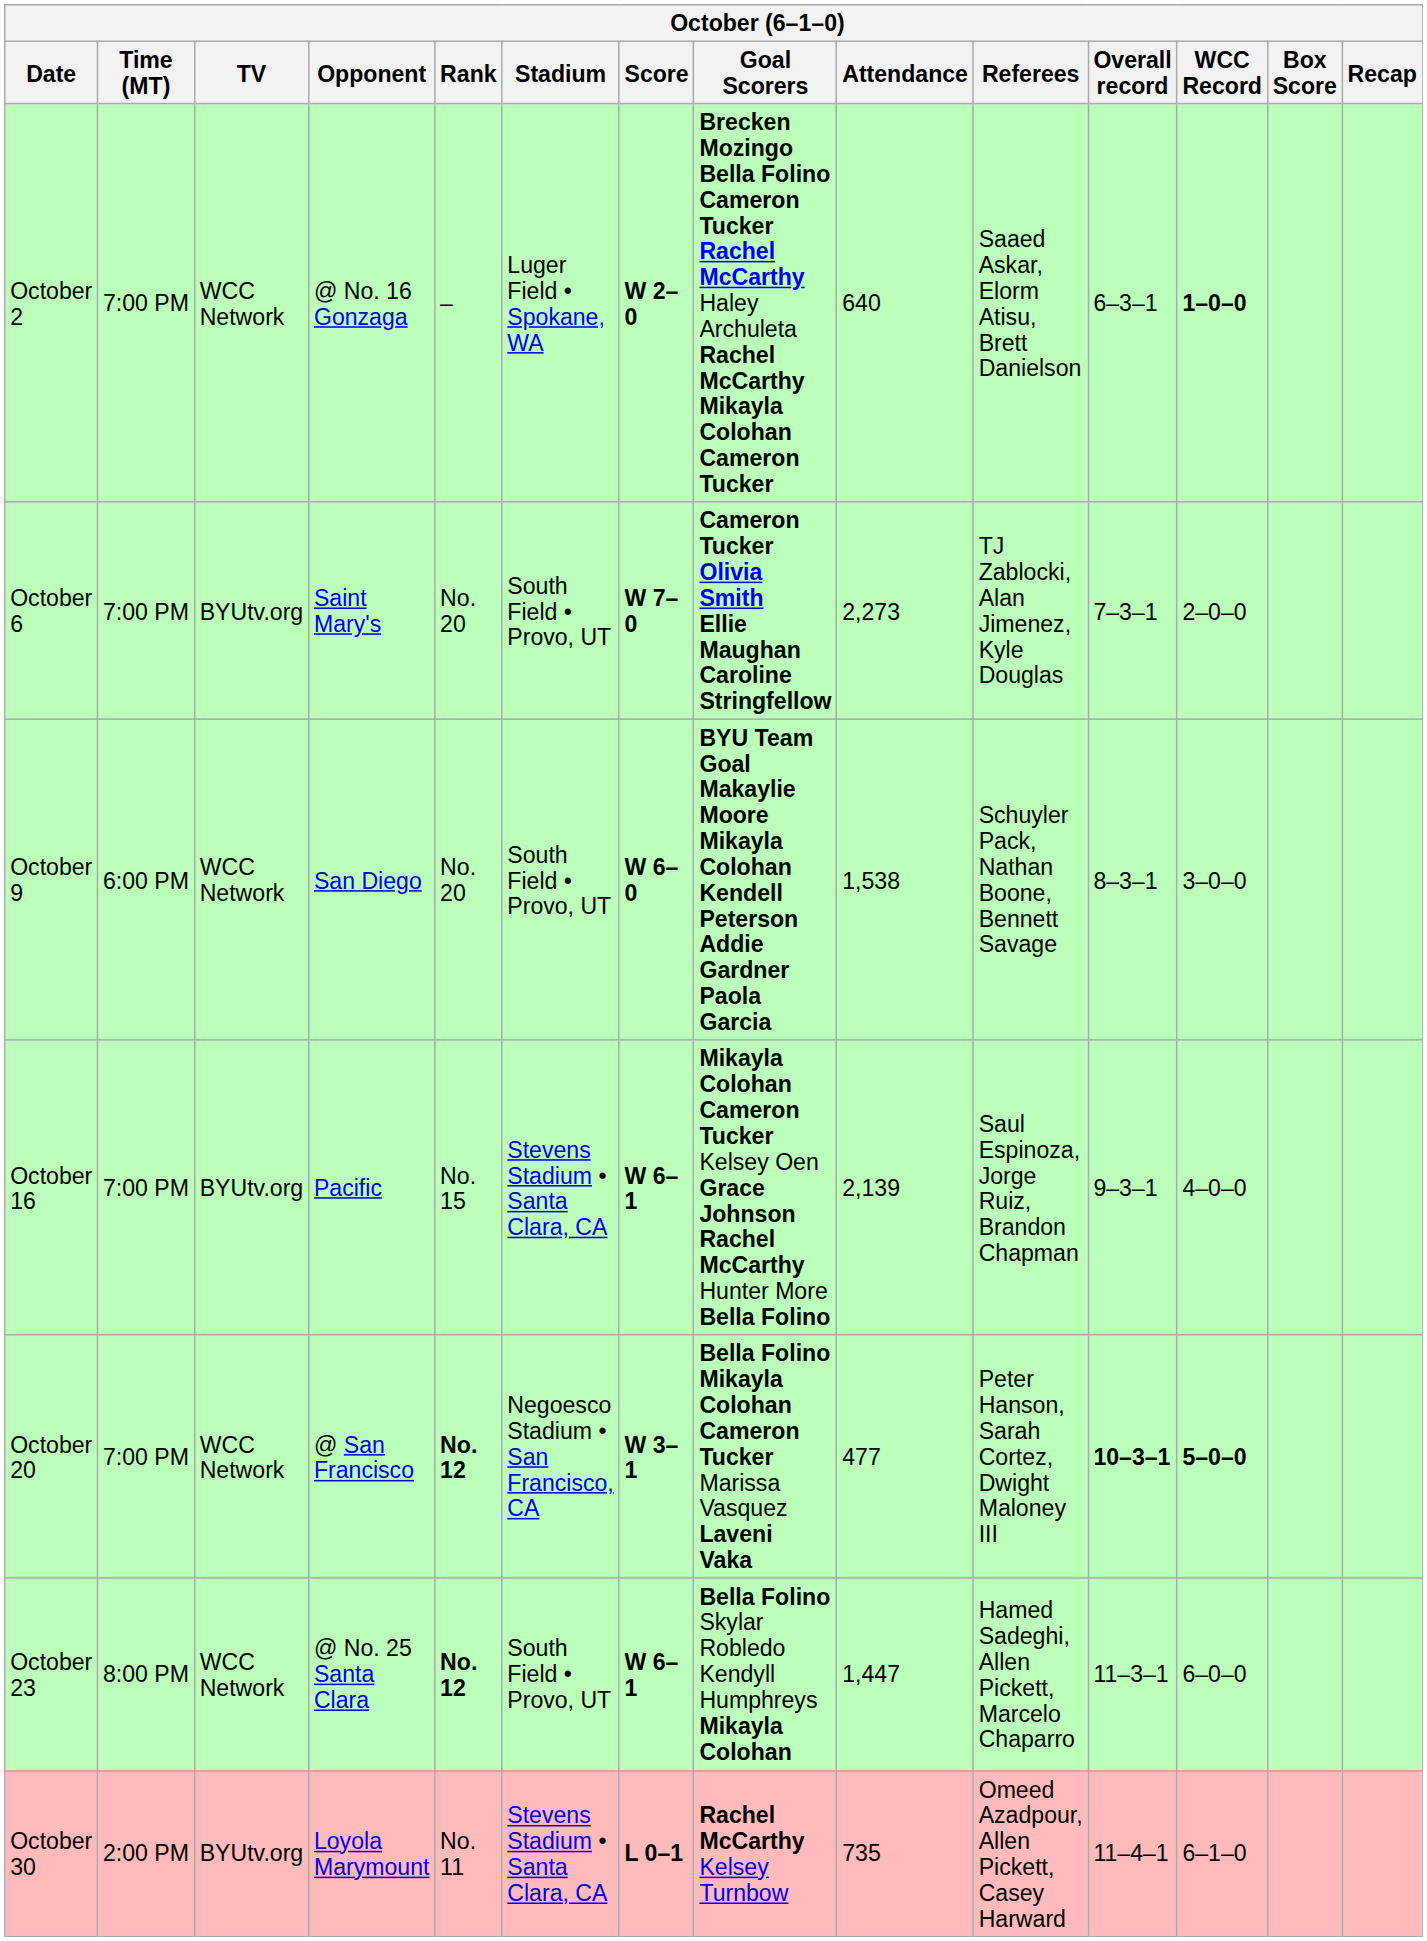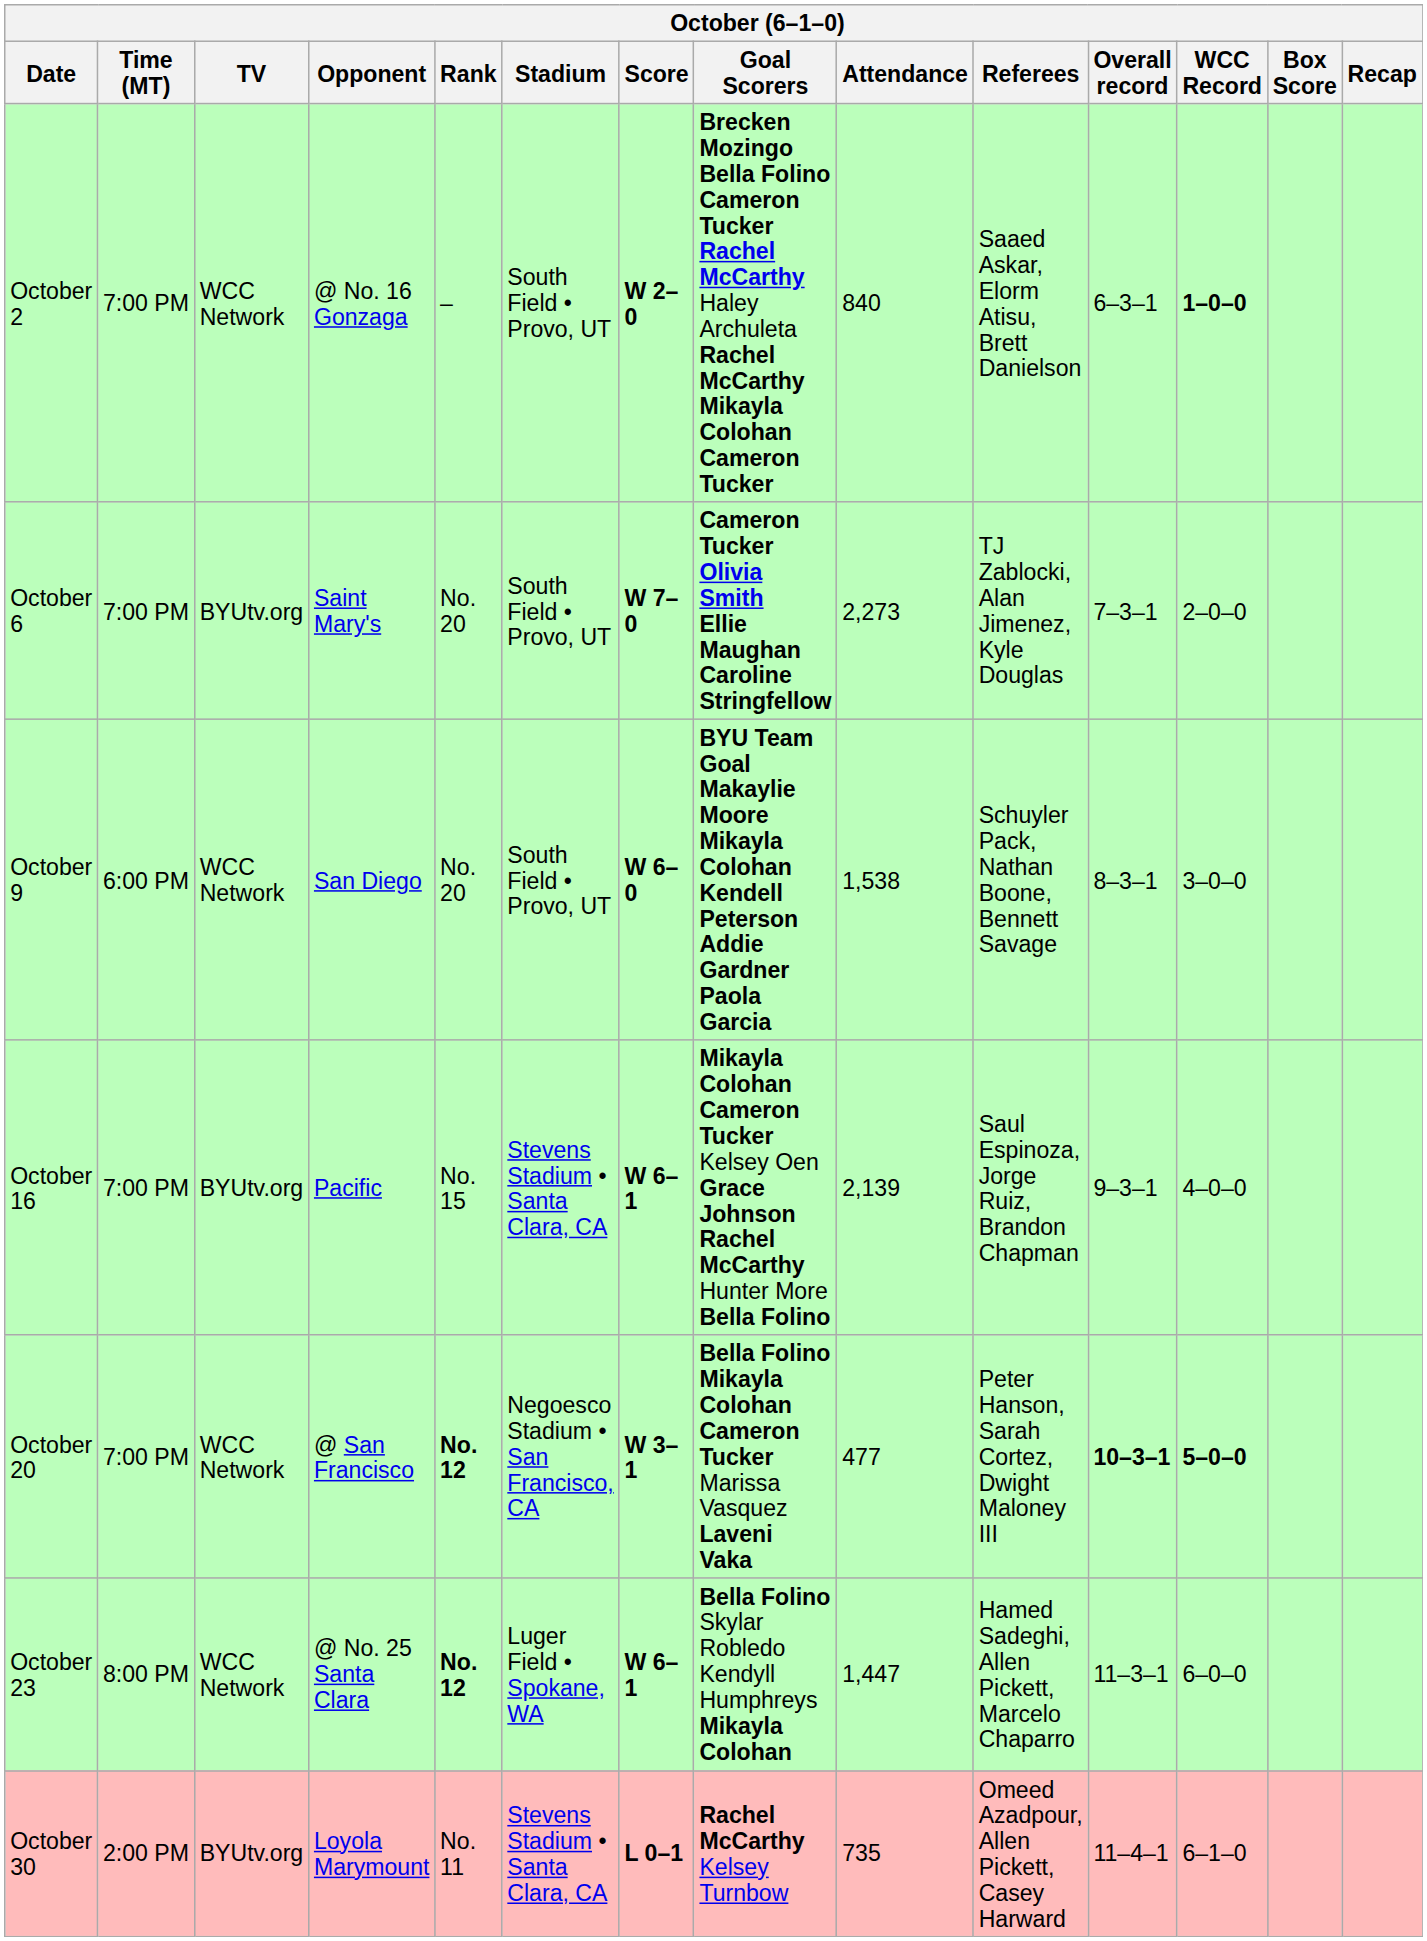 <table class="wikitable collapsible collapsed" style="margin:auto; font-size:95%; width:100%">
 <tr>
 <th colspan=14 style="padding-left:4em;">October (6–1–0)</th>
 </tr>
 <tr>
 <th>Date</th>
 <th>Time (MT)</th>
 <th>TV</th>
 <th>Opponent</th>
 <th>Rank</th>
 <th>Stadium</th>
 <th>Score</th>
 <th>Goal Scorers</th>
 <th>Attendance</th>
 <th>Referees</th>
 <th>Overall record</th>
 <th>WCC Record</th>
 <th>Box Score</th>
 <th>Recap</th>
 </tr>
 <tr bgcolor=bbffbb>
 <td>October 2</td>
 <td>7:00 PM</td>
 <td>WCC Network</td>
 <td>@ No. 16 <a href='#'>Gonzaga</a></td>
 <td>–</td>
-<td>Luger Field • <a href='#'>Spokane, WA</a></td>
+<td>South Field • Provo, UT</td>
 <td><strong>W 2–0</strong></td>
 <td><strong>Brecken Mozingo</strong> <br><strong>Bella Folino</strong> <br> <strong>Cameron Tucker</strong>  <br> <strong><a href='#'>Rachel McCarthy</a></strong> <br> Haley Archuleta  <br> <strong>Rachel McCarthy</strong>  <br> <strong>Mikayla Colohan</strong>  <br> <strong>Cameron Tucker</strong> </td>
-<td>640</td>
+<td>840</td>
 <td>Saaed Askar, <br> Elorm Atisu, <br> Brett Danielson</td>
 <td>6–3–1</td>
 <td><strong>1–0–0</strong></td>
 <td></td>
 <td></td>
 </tr>
 <tr bgcolor=bbffbb>
 <td>October 6</td>
 <td>7:00 PM</td>
 <td>BYUtv.org</td>
 <td><a href='#'>Saint Mary's</a></td>
 <td>No. 20</td>
 <td>South Field • Provo, UT</td>
 <td><strong>W 7–0</strong></td>
 <td><strong>Cameron Tucker</strong> <br><strong><a href='#'>Olivia Smith</a></strong> <br> <strong>Ellie Maughan</strong>  <br> <strong>Caroline Stringfellow</strong> </td>
 <td>2,273</td>
 <td>TJ Zablocki, <br> Alan Jimenez, <br> Kyle Douglas</td>
 <td>7–3–1</td>
 <td>2–0–0</td>
 <td></td>
 <td></td>
 </tr>
 <tr bgcolor=bbffbb>
 <td>October 9</td>
 <td>6:00 PM</td>
 <td>WCC Network</td>
 <td><a href='#'>San Diego</a></td>
 <td>No. 20</td>
 <td>South Field • Provo, UT</td>
 <td><strong>W 6–0</strong></td>
 <td><strong>BYU Team Goal</strong> <br><strong>Makaylie Moore</strong> <br> <strong>Mikayla Colohan</strong>  <br> <strong>Kendell Peterson</strong> <br> <strong>Addie Gardner</strong>  <br> <strong>Paola Garcia</strong> </td>
 <td>1,538</td>
 <td>Schuyler Pack, <br> Nathan Boone, <br> Bennett Savage</td>
 <td>8–3–1</td>
 <td>3–0–0</td>
 <td></td>
 <td></td>
 </tr>
 <tr bgcolor=bbffbb>
 <td>October 16</td>
 <td>7:00 PM</td>
 <td>BYUtv.org</td>
 <td><a href='#'>Pacific</a></td>
 <td>No. 15</td>
 <td><a href='#'>Stevens Stadium</a> • <a href='#'>Santa Clara, CA</a></td>
 <td><strong>W 6–1</strong></td>
 <td><strong>Mikayla Colohan</strong>  <br> <strong>Cameron Tucker</strong>  <br> Kelsey Oen  <br> <strong>Grace Johnson</strong>  <br> <strong>Rachel McCarthy</strong>  <br> Hunter More  <br> <strong>Bella Folino</strong> </td>
 <td>2,139</td>
 <td>Saul Espinoza, <br> Jorge Ruiz, <br> Brandon Chapman</td>
 <td>9–3–1</td>
 <td>4–0–0</td>
 <td></td>
 <td></td>
 </tr>
 <tr bgcolor=bbffbb>
 <td>October 20</td>
 <td>7:00 PM</td>
 <td>WCC Network</td>
 <td>@ <a href='#'>San Francisco</a></td>
 <td><strong>No. 12</strong></td>
 <td>Negoesco Stadium • <a href='#'>San Francisco, CA</a></td>
 <td><strong>W 3–1</strong></td>
 <td><strong>Bella Folino</strong>  <br> <strong>Mikayla Colohan</strong>  <br> <strong>Cameron Tucker</strong>  <br> Marissa Vasquez  <br> <strong>Laveni Vaka</strong> </td>
 <td>477</td>
 <td>Peter Hanson, <br> Sarah Cortez, <br> Dwight Maloney III</td>
 <td><strong>10–3–1</strong></td>
 <td><strong>5–0–0</strong></td>
 <td></td>
 <td></td>
 </tr>
 <tr bgcolor=bbffbb>
 <td>October 23</td>
 <td>8:00 PM</td>
 <td>WCC Network</td>
 <td>@ No. 25 <a href='#'>Santa Clara</a></td>
 <td><strong>No. 12</strong></td>
-<td>South Field • Provo, UT</td>
+<td>Luger Field • <a href='#'>Spokane, WA</a></td>
 <td><strong>W 6–1</strong></td>
 <td><strong>Bella Folino</strong>  <br> Skylar Robledo  <br> Kendyll Humphreys  <br> <strong>Mikayla Colohan</strong> </td>
 <td>1,447</td>
 <td>Hamed Sadeghi, <br> Allen Pickett, <br> Marcelo Chaparro</td>
 <td>11–3–1</td>
 <td>6–0–0</td>
 <td></td>
 <td></td>
 </tr>
 <tr bgcolor=ffbbbb>
 <td>October 30</td>
 <td>2:00 PM</td>
 <td>BYUtv.org</td>
 <td><a href='#'>Loyola Marymount</a></td>
 <td>No. 11</td>
 <td><a href='#'>Stevens Stadium</a> • <a href='#'>Santa Clara, CA</a></td>
 <td><strong>L 0–1</strong></td>
 <td><strong>Rachel McCarthy</strong>  <br> <a href='#'>Kelsey Turnbow</a> </td>
 <td>735</td>
 <td>Omeed Azadpour, <br> Allen Pickett, <br> Casey Harward</td>
 <td>11–4–1</td>
 <td>6–1–0</td>
 <td></td>
 <td></td>
 </tr>
 </table>
